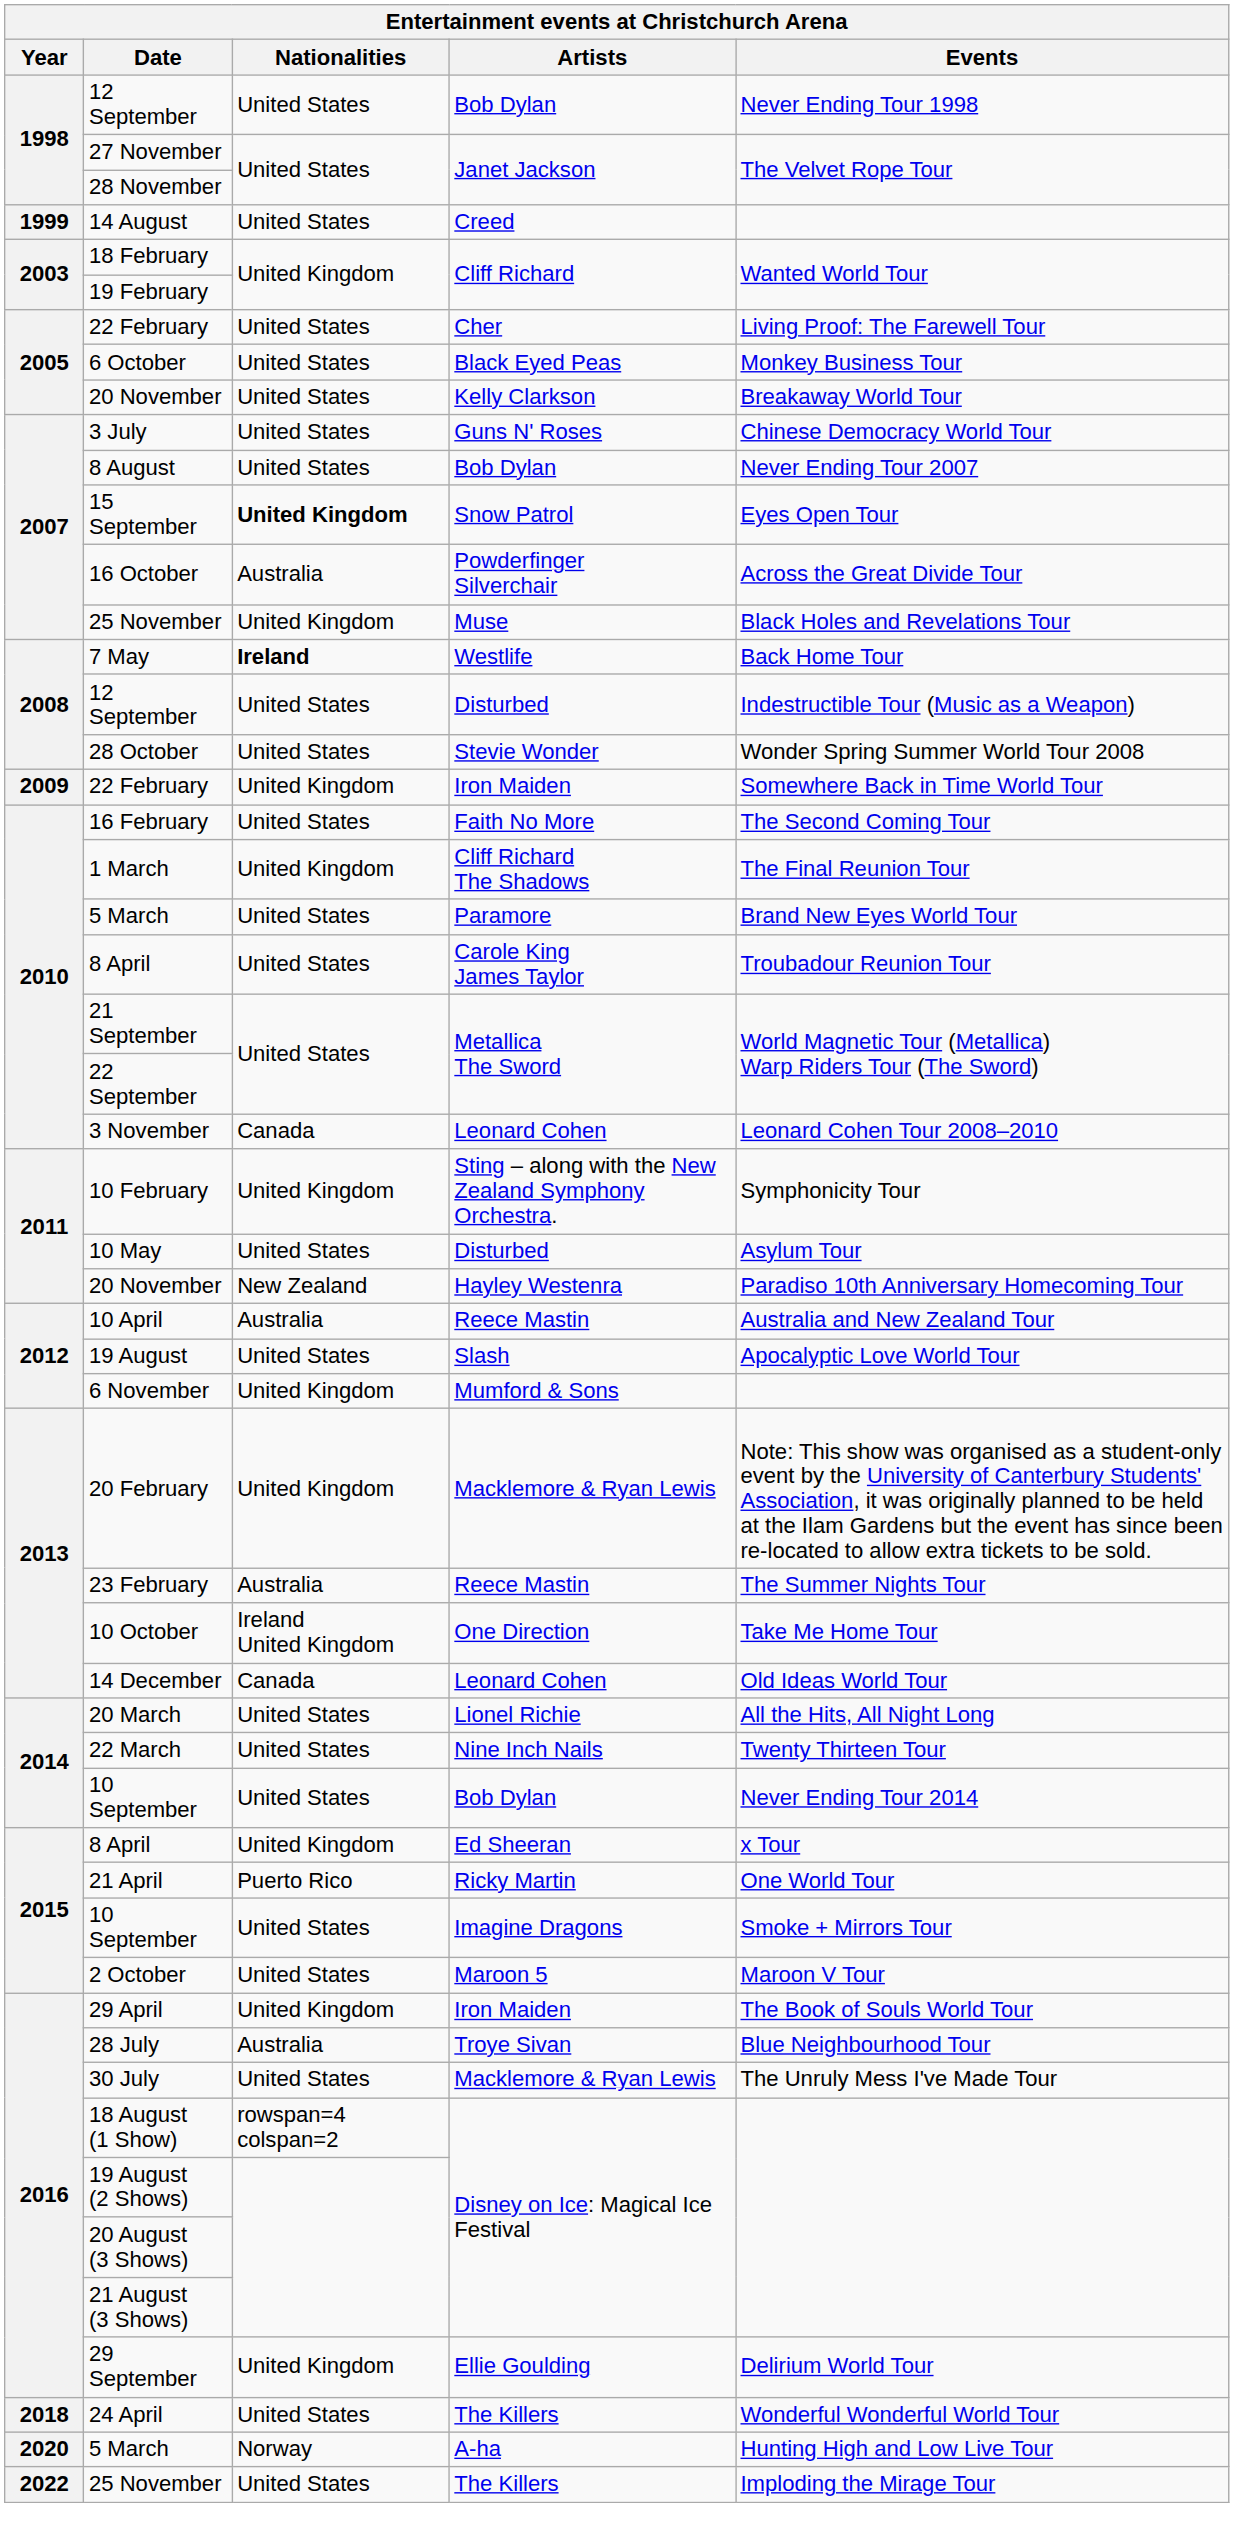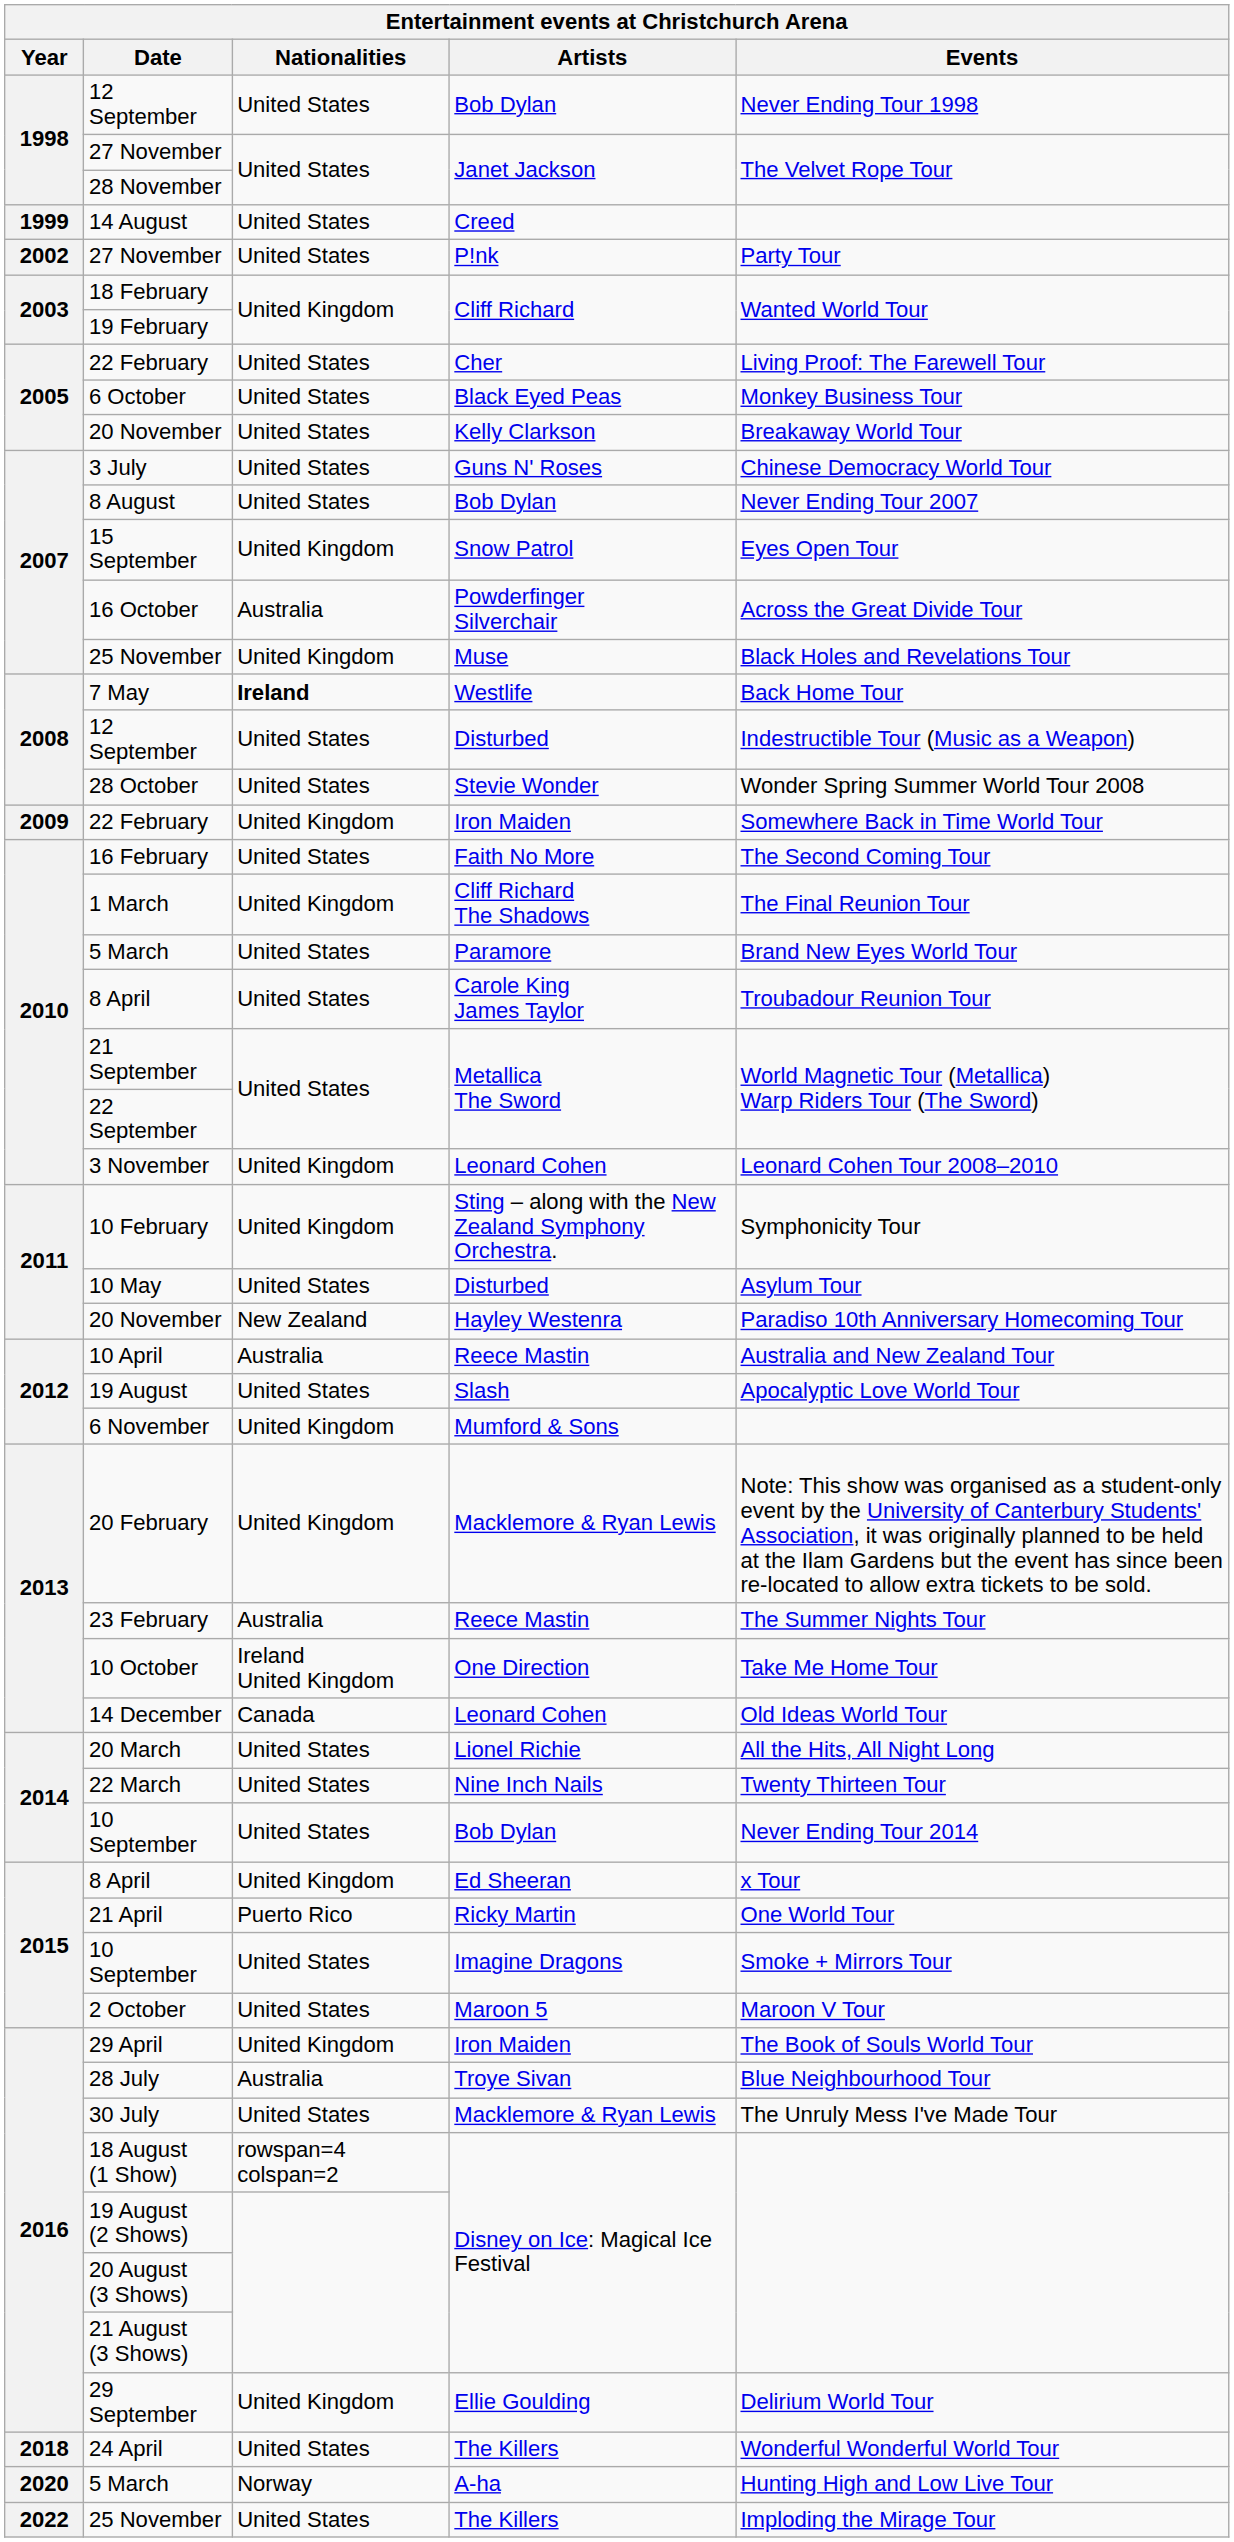 <table class="wikitable collapsible collapsed">
 <tr>
 <th colspan=5>Entertainment events at Christchurch Arena</th>
 </tr>
 <tr>
 <th width=50>Year</th>
 <th width=100>Date</th>
 <th width=150>Nationalities</th>
 <th width=200>Artists</th>
 <th width=350>Events</th>
 </tr>
 <tr>
 <th rowspan="3">1998</th>
 <td>12 September</td>
 <td>United States</td>
 <td><a href='#'>Bob Dylan</a></td>
 <td><a href='#'>Never Ending Tour 1998</a></td>
 </tr>
 <tr>
 <td>27 November</td>
 <td rowspan=2>United States</td>
 <td rowspan=2><a href='#'>Janet Jackson</a></td>
 <td rowspan=2><a href='#'>The Velvet Rope Tour</a></td>
 </tr>
 <tr>
 <td>28 November</td>
 </tr>
 <tr>
 <th>1999</th>
 <td>14 August</td>
 <td>United States</td>
 <td><a href='#'>Creed</a></td>
 <td></td>
+</tr>
+<tr>
+<th>2002</th>
+<td>27 November</td>
+<td>United States</td>
+<td><a href='#'>P!nk</a></td>
+<td><a href='#'>Party Tour</a></td>
 </tr>
 <tr>
 <th rowspan=2>2003</th>
 <td>18 February</td>
 <td rowspan=2>United Kingdom</td>
 <td rowspan=2><a href='#'>Cliff Richard</a></td>
 <td rowspan=2><a href='#'>Wanted World Tour</a></td>
 </tr>
 <tr>
 <td>19 February</td>
 </tr>
 <tr>
 <th rowspan="3">2005</th>
 <td>22 February</td>
 <td>United States</td>
 <td><a href='#'>Cher</a></td>
 <td><a href='#'>Living Proof: The Farewell Tour</a></td>
 </tr>
 <tr>
 <td>6 October</td>
 <td>United States</td>
 <td><a href='#'>Black Eyed Peas</a></td>
 <td><a href='#'>Monkey Business Tour</a></td>
 </tr>
 <tr>
 <td>20 November</td>
 <td>United States</td>
 <td><a href='#'>Kelly Clarkson</a></td>
 <td><a href='#'>Breakaway World Tour</a></td>
 </tr>
 <tr>
 <th rowspan="5">2007</th>
 <td>3 July</td>
 <td>United States</td>
 <td><a href='#'>Guns N' Roses</a></td>
 <td><a href='#'>Chinese Democracy World Tour</a></td>
 </tr>
 <tr>
 <td>8 August</td>
 <td>United States</td>
 <td><a href='#'>Bob Dylan</a></td>
 <td><a href='#'>Never Ending Tour 2007</a></td>
 </tr>
 <tr>
 <td>15 September</td>
-<td><strong>United Kingdom</strong></td>
+<td>United Kingdom</td>
 <td><a href='#'>Snow Patrol</a></td>
 <td><a href='#'>Eyes Open Tour</a></td>
 </tr>
 <tr>
 <td>16 October</td>
 <td>Australia</td>
 <td><a href='#'>Powderfinger</a><br><a href='#'>Silverchair</a></td>
 <td><a href='#'>Across the Great Divide Tour</a></td>
 </tr>
 <tr>
 <td>25 November</td>
 <td>United Kingdom</td>
 <td><a href='#'>Muse</a></td>
 <td><a href='#'>Black Holes and Revelations Tour</a></td>
 </tr>
 <tr>
 <th rowspan="3">2008</th>
 <td>7 May</td>
 <td><strong>Ireland</strong></td>
 <td><a href='#'>Westlife</a></td>
 <td><a href='#'>Back Home Tour</a></td>
 </tr>
 <tr>
 <td>12 September</td>
 <td>United States</td>
 <td><a href='#'>Disturbed</a></td>
 <td><a href='#'>Indestructible Tour</a> (<a href='#'>Music as a Weapon</a>)</td>
 </tr>
 <tr>
 <td>28 October</td>
 <td>United States</td>
 <td><a href='#'>Stevie Wonder</a></td>
 <td>Wonder Spring Summer World Tour 2008</td>
 </tr>
 <tr>
 <th>2009</th>
 <td>22 February</td>
 <td>United Kingdom</td>
 <td><a href='#'>Iron Maiden</a></td>
 <td><a href='#'>Somewhere Back in Time World Tour</a></td>
 </tr>
 <tr>
 <th rowspan="7">2010</th>
 <td>16 February</td>
 <td>United States</td>
 <td><a href='#'>Faith No More</a></td>
 <td><a href='#'>The Second Coming Tour</a></td>
 </tr>
 <tr>
 <td>1 March</td>
 <td>United Kingdom</td>
 <td><a href='#'>Cliff Richard</a><br><a href='#'>The Shadows</a></td>
 <td><a href='#'>The Final Reunion Tour</a></td>
 </tr>
 <tr>
 <td>5 March</td>
 <td>United States</td>
 <td><a href='#'>Paramore</a></td>
 <td><a href='#'>Brand New Eyes World Tour</a></td>
 </tr>
 <tr>
 <td>8 April</td>
 <td>United States</td>
 <td><a href='#'>Carole King</a><br><a href='#'>James Taylor</a></td>
 <td><a href='#'>Troubadour Reunion Tour</a></td>
 </tr>
 <tr>
 <td>21 September</td>
 <td rowspan=2>United States</td>
 <td rowspan=2><a href='#'>Metallica</a><br><a href='#'>The Sword</a></td>
 <td rowspan=2><a href='#'>World Magnetic Tour</a> (<a href='#'>Metallica</a>)<br><a href='#'>Warp Riders Tour</a> (<a href='#'>The Sword</a>)</td>
 </tr>
 <tr>
 <td>22 September</td>
 </tr>
 <tr>
 <td>3 November</td>
-<td>Canada</td>
+<td>United Kingdom</td>
 <td><a href='#'>Leonard Cohen</a></td>
 <td><a href='#'>Leonard Cohen Tour 2008–2010</a></td>
 </tr>
 <tr>
 <th rowspan="3">2011</th>
 <td>10 February</td>
 <td>United Kingdom</td>
 <td><a href='#'>Sting</a> – along with the <a href='#'>New Zealand Symphony Orchestra</a>.</td>
 <td>Symphonicity Tour</td>
 </tr>
 <tr>
 <td>10 May</td>
 <td>United States</td>
 <td><a href='#'>Disturbed</a></td>
 <td><a href='#'>Asylum Tour</a></td>
 </tr>
 <tr>
 <td>20 November</td>
 <td>New Zealand</td>
 <td><a href='#'>Hayley Westenra</a></td>
 <td><a href='#'>Paradiso 10th Anniversary Homecoming Tour</a></td>
 </tr>
 <tr>
 <th rowspan="3">2012</th>
 <td>10 April</td>
 <td>Australia</td>
 <td><a href='#'>Reece Mastin</a></td>
 <td><a href='#'>Australia and New Zealand Tour</a></td>
 </tr>
 <tr>
 <td>19 August</td>
 <td>United States</td>
 <td><a href='#'>Slash</a></td>
 <td><a href='#'>Apocalyptic Love World Tour</a></td>
 </tr>
 <tr>
 <td>6 November</td>
 <td>United Kingdom</td>
 <td><a href='#'>Mumford & Sons</a></td>
 <td></td>
 </tr>
 <tr>
 <th rowspan="4">2013</th>
 <td>20 February</td>
 <td>United Kingdom</td>
 <td><a href='#'>Macklemore & Ryan Lewis</a></td>
 <td><br>Note: This show was organised as a student-only event by the <a href='#'>University of Canterbury Students' Association</a>, it was originally planned to be held at the Ilam Gardens but the event has since been re-located to allow extra tickets to be sold.</td>
 </tr>
 <tr>
 <td>23 February</td>
 <td>Australia</td>
 <td><a href='#'>Reece Mastin</a></td>
 <td><a href='#'>The Summer Nights Tour</a></td>
 </tr>
 <tr>
 <td>10 October</td>
 <td>Ireland<br>United Kingdom</td>
 <td><a href='#'>One Direction</a></td>
 <td><a href='#'>Take Me Home Tour</a></td>
 </tr>
 <tr>
 <td>14 December</td>
 <td>Canada</td>
 <td><a href='#'>Leonard Cohen</a></td>
 <td><a href='#'>Old Ideas World Tour</a></td>
 </tr>
 <tr>
 <th rowspan="3">2014</th>
 <td>20 March</td>
 <td>United States</td>
 <td><a href='#'>Lionel Richie</a></td>
 <td><a href='#'>All the Hits, All Night Long</a></td>
 </tr>
 <tr>
 <td>22 March</td>
 <td>United States</td>
 <td><a href='#'>Nine Inch Nails</a></td>
 <td><a href='#'>Twenty Thirteen Tour</a></td>
 </tr>
 <tr>
 <td>10 September</td>
 <td>United States</td>
 <td><a href='#'>Bob Dylan</a></td>
 <td><a href='#'>Never Ending Tour 2014</a></td>
 </tr>
 <tr>
 <th rowspan="4">2015</th>
 <td>8 April</td>
 <td>United Kingdom</td>
 <td><a href='#'>Ed Sheeran</a></td>
 <td><a href='#'>x Tour</a></td>
 </tr>
 <tr>
 <td>21 April</td>
 <td>Puerto Rico</td>
 <td><a href='#'>Ricky Martin</a></td>
 <td><a href='#'>One World Tour</a></td>
 </tr>
 <tr>
 <td>10 September</td>
 <td>United States</td>
 <td><a href='#'>Imagine Dragons</a></td>
 <td><a href='#'>Smoke + Mirrors Tour</a></td>
 </tr>
 <tr>
 <td>2 October</td>
 <td>United States</td>
 <td><a href='#'>Maroon 5</a></td>
 <td><a href='#'>Maroon V Tour</a></td>
 </tr>
 <tr>
 <th rowspan="8">2016</th>
 <td>29 April</td>
 <td>United Kingdom</td>
 <td><a href='#'>Iron Maiden</a></td>
 <td><a href='#'>The Book of Souls World Tour</a></td>
 </tr>
 <tr>
 <td>28 July</td>
 <td>Australia</td>
 <td><a href='#'>Troye Sivan</a></td>
 <td><a href='#'>Blue Neighbourhood Tour</a></td>
 </tr>
 <tr>
 <td>30 July</td>
 <td>United States</td>
 <td><a href='#'>Macklemore & Ryan Lewis</a></td>
 <td>The Unruly Mess I've Made Tour</td>
 </tr>
 <tr>
 <td>18 August<br>(1 Show)</td>
 <td>rowspan=4 colspan=2 </td>
 <td rowspan=4><a href='#'>Disney on Ice</a>: Magical Ice Festival</td>
 </tr>
 <tr>
 <td>19 August<br>(2 Shows)</td>
 </tr>
 <tr>
 <td>20 August<br>(3 Shows)</td>
 </tr>
 <tr>
 <td>21 August<br>(3 Shows)</td>
 </tr>
 <tr>
 <td>29 September</td>
 <td>United Kingdom</td>
 <td><a href='#'>Ellie Goulding</a></td>
 <td><a href='#'>Delirium World Tour</a></td>
 </tr>
 <tr>
 <th>2018</th>
 <td>24 April</td>
 <td>United States</td>
 <td><a href='#'>The Killers</a></td>
 <td><a href='#'>Wonderful Wonderful World Tour</a></td>
 </tr>
 <tr>
 <th>2020</th>
 <td>5 March</td>
 <td>Norway</td>
 <td><a href='#'>A-ha</a></td>
 <td><a href='#'>Hunting High and Low Live Tour</a></td>
 </tr>
 <tr>
 <th>2022</th>
 <td>25 November</td>
 <td>United States</td>
 <td><a href='#'>The Killers</a></td>
 <td><a href='#'>Imploding the Mirage Tour</a></td>
 </tr>
 </table>
